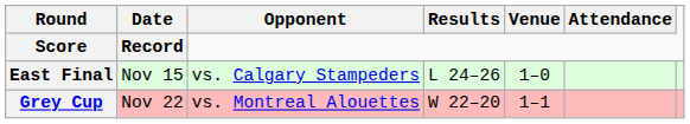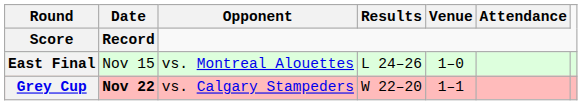 <table class="wikitable" style="text-align:center">
 <tr>
 <th>Round</th>
 <th>Date</th>
 <th>Opponent</th>
 <th>Results</th>
 <th>Venue</th>
 <th>Attendance</th>
 </tr>
 <tr>
 <th>Score</th>
 <th>Record</th>
 </tr>
 <tr style="background:#ddffdd">
 <th>East Final</th>
 <td>Nov 15</td>
-<td>vs. <a href='#'>Calgary Stampeders</a></td>
+<td>vs. <a href='#'>Montreal Alouettes</a></td>
 <td>L 24–26</td>
 <td>1–0</td>
 <td></td>
 <td></td>
 </tr>
 <tr style="background:#ffbbbb">
 <th><a href='#'>Grey Cup</a></th>
-<td>Nov 22</td>
-<td>vs. <a href='#'>Montreal Alouettes</a></td>
+<td><strong>Nov 22</strong></td>
+<td>vs. <a href='#'>Calgary Stampeders</a></td>
 <td>W 22–20</td>
 <td>1–1</td>
 <td></td>
 <td></td>
 </tr>
 </table>
